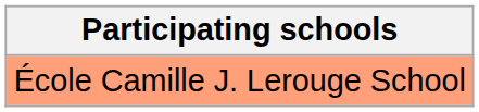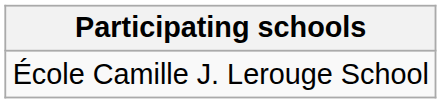 <table class="wikitable" align=right>
 <tr>
 <th>Participating schools</th>
 </tr>
 <tr>
-<td style="background: lightsalmon;">École Camille J. Lerouge School</td>
+<td>École Camille J. Lerouge School</td>
 </tr>
 </table>
